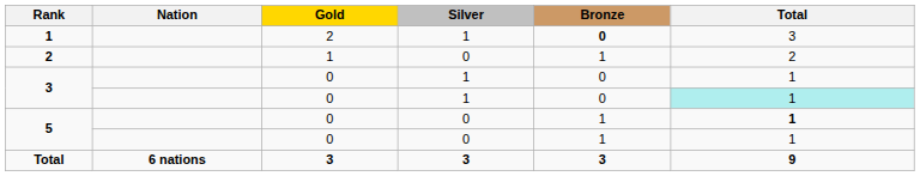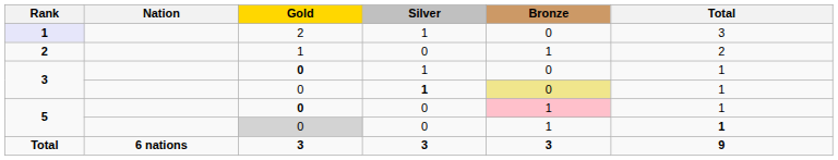 <table class="wikitable collapsible autocollapse plainrowheaders" width=70.5% style="text-align:center;">
 <tr style="background-color:#EDEDED;">
 <th width=100px class="hintergrundfarbe6">Rank</th>
 <th width=200px class="hintergrundfarbe6">Nation</th>
 <th style="background:    gold; width:15%">Gold</th>
 <th style="background:  silver; width:15%">Silver</th>
 <th style="background: #CC9966; width:15%">Bronze</th>
 <th>Total</th>
 </tr>
 <tr>
-<td><strong>1</strong></td>
+<td style="background: lavender;"><strong>1</strong></td>
 <td align=left></td>
 <td>2</td>
 <td>1</td>
-<td><strong>0</strong></td>
+<td>0</td>
 <td>3</td>
 </tr>
 <tr>
 <td><strong>2</strong></td>
 <td align=left></td>
 <td>1</td>
 <td>0</td>
 <td>1</td>
 <td>2</td>
 </tr>
 <tr>
 <td rowspan="2"><strong>3</strong></td>
 <td align=left></td>
-<td>0</td>
+<td><strong>0</strong></td>
 <td>1</td>
 <td>0</td>
 <td>1</td>
 </tr>
 <tr>
 <td align=left></td>
 <td>0</td>
+<td><strong>1</strong></td>
+<td style="background: khaki;">0</td>
 <td>1</td>
-<td>0</td>
-<td style="background: paleturquoise;">1</td>
 </tr>
 <tr>
 <td rowspan="2"><strong>5</strong></td>
 <td align=left></td>
+<td><strong>0</strong></td>
 <td>0</td>
+<td style="background: pink;">1</td>
+<td>1</td>
+</tr>
+<tr>
+<td align=left></td>
+<td style="background: lightgrey;">0</td>
 <td>0</td>
 <td>1</td>
 <td><strong>1</strong></td>
-</tr>
-<tr>
-<td align=left></td>
-<td>0</td>
-<td>0</td>
-<td>1</td>
-<td>1</td>
 </tr>
 <tr>
 <td><strong>Total</strong></td>
 <td><strong>6 nations</strong></td>
 <td><strong>3</strong></td>
 <td><strong>3</strong></td>
 <td><strong>3</strong></td>
 <td><strong>9</strong></td>
 </tr>
 </table>
